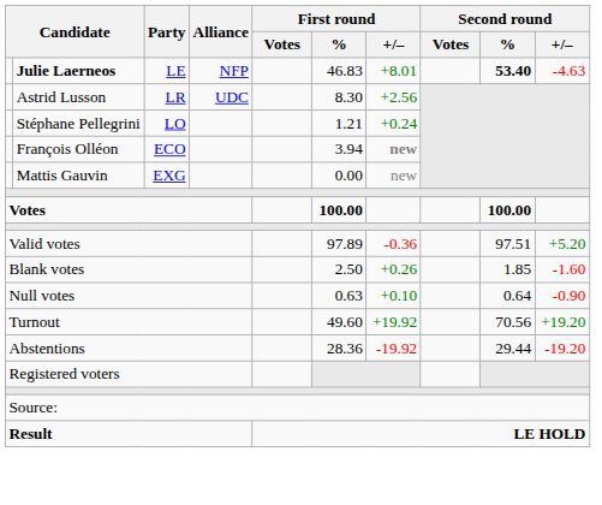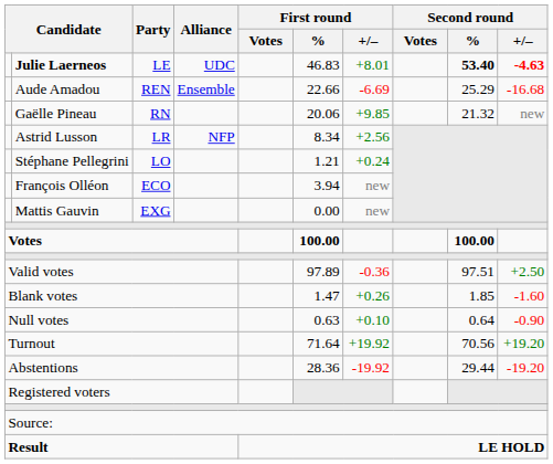 <table class="wikitable" style="text-align:right;font-size:95%;">
 <tr>
 <th rowspan="2" colspan="2">Candidate</th>
 <th colspan="1" rowspan="2">Party</th>
 <th colspan="1" rowspan="2">Alliance</th>
 <th colspan="3">First round</th>
 <th colspan="3">Second round</th>
 </tr>
 <tr>
 <th style="width:50px;">Votes</th>
 <th style="width:45px;">%</th>
 <th style="width:45px;">+/–</th>
 <th style="width:50px;">Votes</th>
 <th style="width:45px;">%</th>
 <th style="width:45px;">+/–</th>
 </tr>
 <tr>
 <td style="color:inherit;background:"></td>
 <td style="text-align:left;"><strong>Julie Laerneos</strong></td>
 <td><a href='#'>LE</a></td>
-<td><a href='#'>NFP</a></td>
+<td><a href='#'>UDC</a></td>
 <td></td>
 <td>46.83</td>
 <td style="color:green;">+8.01</td>
 <td><strong></strong></td>
 <td><strong>53.40</strong></td>
-<td style="color:red;">-4.63</td>
+<td style="color:red;"><strong>-4.63</strong></td>
+</tr>
+<tr>
+<td style="color:inherit;background:"></td>
+<td style="text-align:left;">Aude Amadou</td>
+<td><a href='#'>REN</a></td>
+<td><a href='#'>Ensemble</a></td>
+<td></td>
+<td>22.66</td>
+<td style="color:red;">-6.69</td>
+<td></td>
+<td>25.29</td>
+<td style="color:red;">-16.68</td>
+</tr>
+<tr>
+<td style="color:inherit;background:"></td>
+<td style="text-align:left;">Gaëlle Pineau</td>
+<td><a href='#'>RN</a></td>
+<td></td>
+<td></td>
+<td>20.06</td>
+<td style="color:green;">+9.85</td>
+<td></td>
+<td>21.32</td>
+<td style="color:grey;">new</td>
 </tr>
 <tr>
 <td style="color:inherit;background:"></td>
 <td style="text-align:left;">Astrid Lusson</td>
 <td><a href='#'>LR</a></td>
-<td><a href='#'>UDC</a></td>
+<td><a href='#'>NFP</a></td>
 <td></td>
-<td>8.30</td>
+<td>8.34</td>
 <td style="color:green;">+2.56</td>
 <td colspan="3" rowspan="4" style="background:#E9E9E9;"></td>
 </tr>
 <tr>
 <td style="color:inherit;background:"></td>
 <td style="text-align:left;">Stéphane Pellegrini</td>
 <td><a href='#'>LO</a></td>
 <td></td>
 <td></td>
 <td>1.21</td>
 <td style="color:green;">+0.24</td>
 </tr>
 <tr>
 <td style="color:inherit;background:"></td>
 <td style="text-align:left;">François Olléon</td>
 <td><a href='#'>ECO</a></td>
 <td></td>
 <td></td>
 <td>3.94</td>
-<td style="color:grey;"><strong>new</strong></td>
+<td style="color:grey;">new</td>
 </tr>
 <tr>
 <td style="color:inherit;background:"></td>
 <td style="text-align:left;">Mattis Gauvin</td>
 <td><a href='#'>EXG</a></td>
 <td></td>
 <td></td>
 <td>0.00</td>
 <td style="color:grey;">new</td>
 </tr>
 <tr>
 <td colspan="10" style="background:#E9E9E9;"></td>
 </tr>
 <tr style="font-weight:bold;">
 <td colspan="4" style="text-align:left;">Votes</td>
 <td></td>
 <td>100.00</td>
 <td></td>
 <td></td>
 <td>100.00</td>
 <td></td>
 </tr>
 <tr>
 <td colspan="10" style="background:#E9E9E9;"></td>
 </tr>
 <tr>
 <td colspan="4" style="text-align:left;">Valid votes</td>
 <td></td>
 <td>97.89</td>
 <td style="color:red;">-0.36</td>
 <td></td>
 <td>97.51</td>
-<td style="color:green;">+5.20</td>
+<td style="color:green;">+2.50</td>
 </tr>
 <tr>
 <td colspan="4" style="text-align:left;">Blank votes</td>
 <td></td>
-<td>2.50</td>
+<td>1.47</td>
 <td style="color:green;">+0.26</td>
 <td></td>
 <td>1.85</td>
 <td style="color:red;">-1.60</td>
 </tr>
 <tr>
 <td colspan="4" style="text-align:left;">Null votes</td>
 <td></td>
 <td>0.63</td>
 <td style="color:green;">+0.10</td>
 <td></td>
 <td>0.64</td>
 <td style="color:red;">-0.90</td>
 </tr>
 <tr>
 <td colspan="4" style="text-align:left;">Turnout</td>
 <td></td>
-<td>49.60</td>
+<td>71.64</td>
 <td style="color:green;">+19.92</td>
 <td></td>
 <td>70.56</td>
 <td style="color:green;">+19.20</td>
 </tr>
 <tr>
 <td colspan="4" style="text-align:left;">Abstentions</td>
 <td></td>
 <td>28.36</td>
 <td style="color:red;">-19.92</td>
 <td></td>
 <td>29.44</td>
 <td style="color:red;">-19.20</td>
 </tr>
 <tr>
 <td colspan="4" style="text-align:left;">Registered voters</td>
 <td></td>
 <td colspan="2" style="background:#E9E9E9;"></td>
 <td></td>
 <td colspan="2" style="background:#E9E9E9;"></td>
 </tr>
 <tr>
 <td colspan="10" style="background:#E9E9E9;"></td>
 </tr>
 <tr>
 <td colspan="10" style="text-align:left;">Source: </td>
 </tr>
 <tr style="font-weight:bold">
 <td colspan="4" style="text-align:left;">Result</td>
 <td colspan="6" style="background-color:">LE HOLD</td>
 </tr>
 </table>
